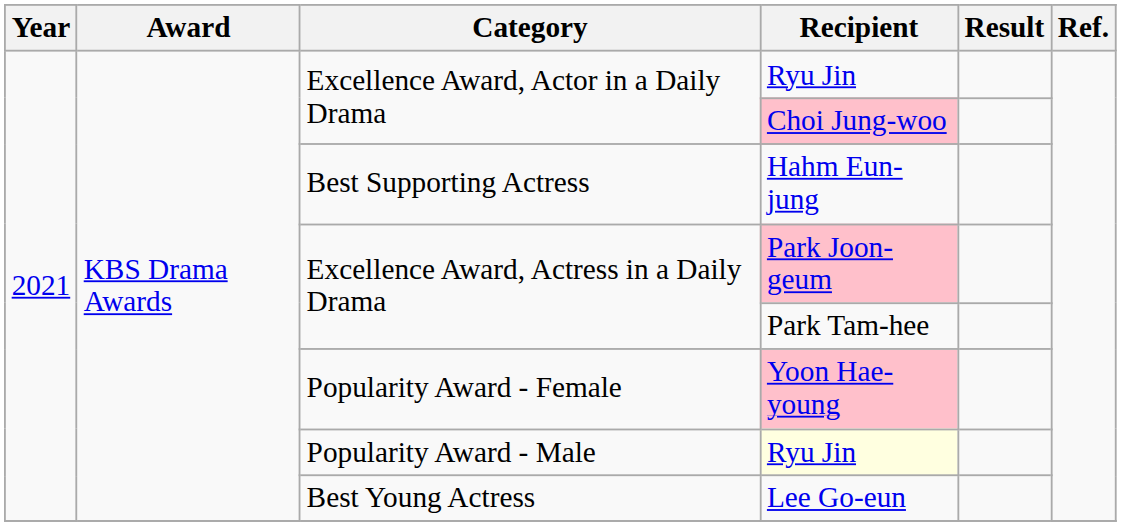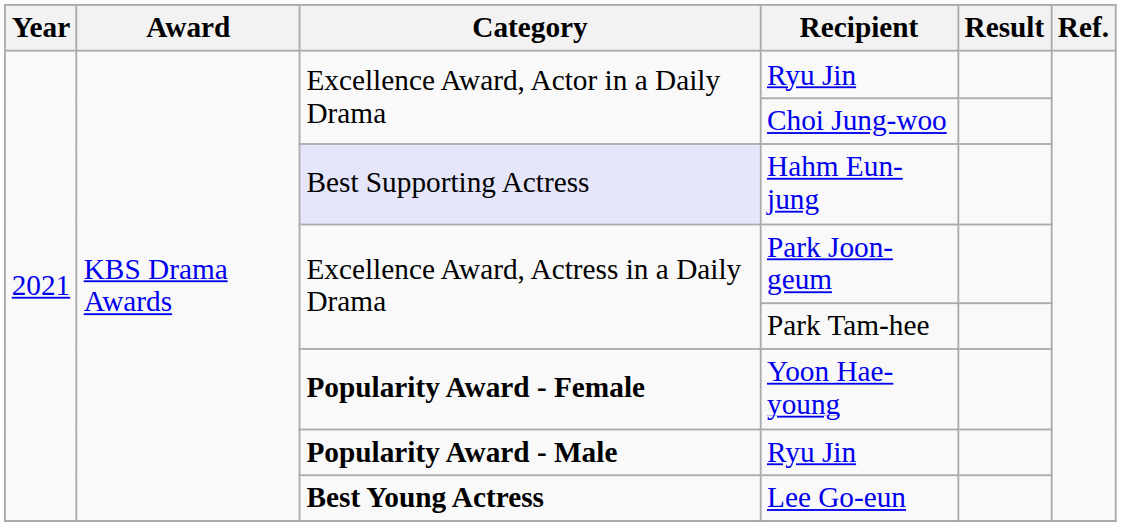 <table class="wikitable sortable">
 <tr>
 <th>Year</th>
 <th>Award</th>
 <th>Category</th>
 <th>Recipient</th>
 <th>Result</th>
 <th>Ref.</th>
 </tr>
 <tr>
 <td rowspan="8"><a href='#'>2021</a></td>
 <td rowspan="8"><a href='#'>KBS Drama Awards</a></td>
 <td rowspan=2>Excellence Award, Actor in a Daily Drama</td>
 <td><a href='#'>Ryu Jin</a></td>
 <td></td>
 <td rowspan="8"></td>
 </tr>
 <tr>
-<td style="background: pink;"><a href='#'>Choi Jung-woo</a></td>
+<td><a href='#'>Choi Jung-woo</a></td>
 <td></td>
 </tr>
 <tr>
-<td>Best Supporting Actress</td>
+<td style="background: lavender;">Best Supporting Actress</td>
 <td><a href='#'>Hahm Eun-jung</a></td>
 <td></td>
 </tr>
 <tr>
 <td rowspan=2>Excellence Award, Actress in a Daily Drama</td>
-<td style="background: pink;"><a href='#'>Park Joon-geum</a></td>
+<td><a href='#'>Park Joon-geum</a></td>
 <td></td>
 </tr>
 <tr>
 <td>Park Tam-hee</td>
 <td></td>
 </tr>
 <tr>
-<td>Popularity Award - Female</td>
-<td style="background: pink;"><a href='#'>Yoon Hae-young</a></td>
+<td><strong>Popularity Award - Female</strong></td>
+<td><a href='#'>Yoon Hae-young</a></td>
 <td></td>
 </tr>
 <tr>
-<td>Popularity Award - Male</td>
-<td style="background: lightyellow;"><a href='#'>Ryu Jin</a></td>
+<td><strong>Popularity Award - Male</strong></td>
+<td><a href='#'>Ryu Jin</a></td>
 <td></td>
 </tr>
 <tr>
-<td>Best Young Actress</td>
+<td><strong>Best Young Actress</strong></td>
 <td><a href='#'>Lee Go-eun</a></td>
 <td></td>
 </tr>
 <tr>
 </tr>
 </table>
